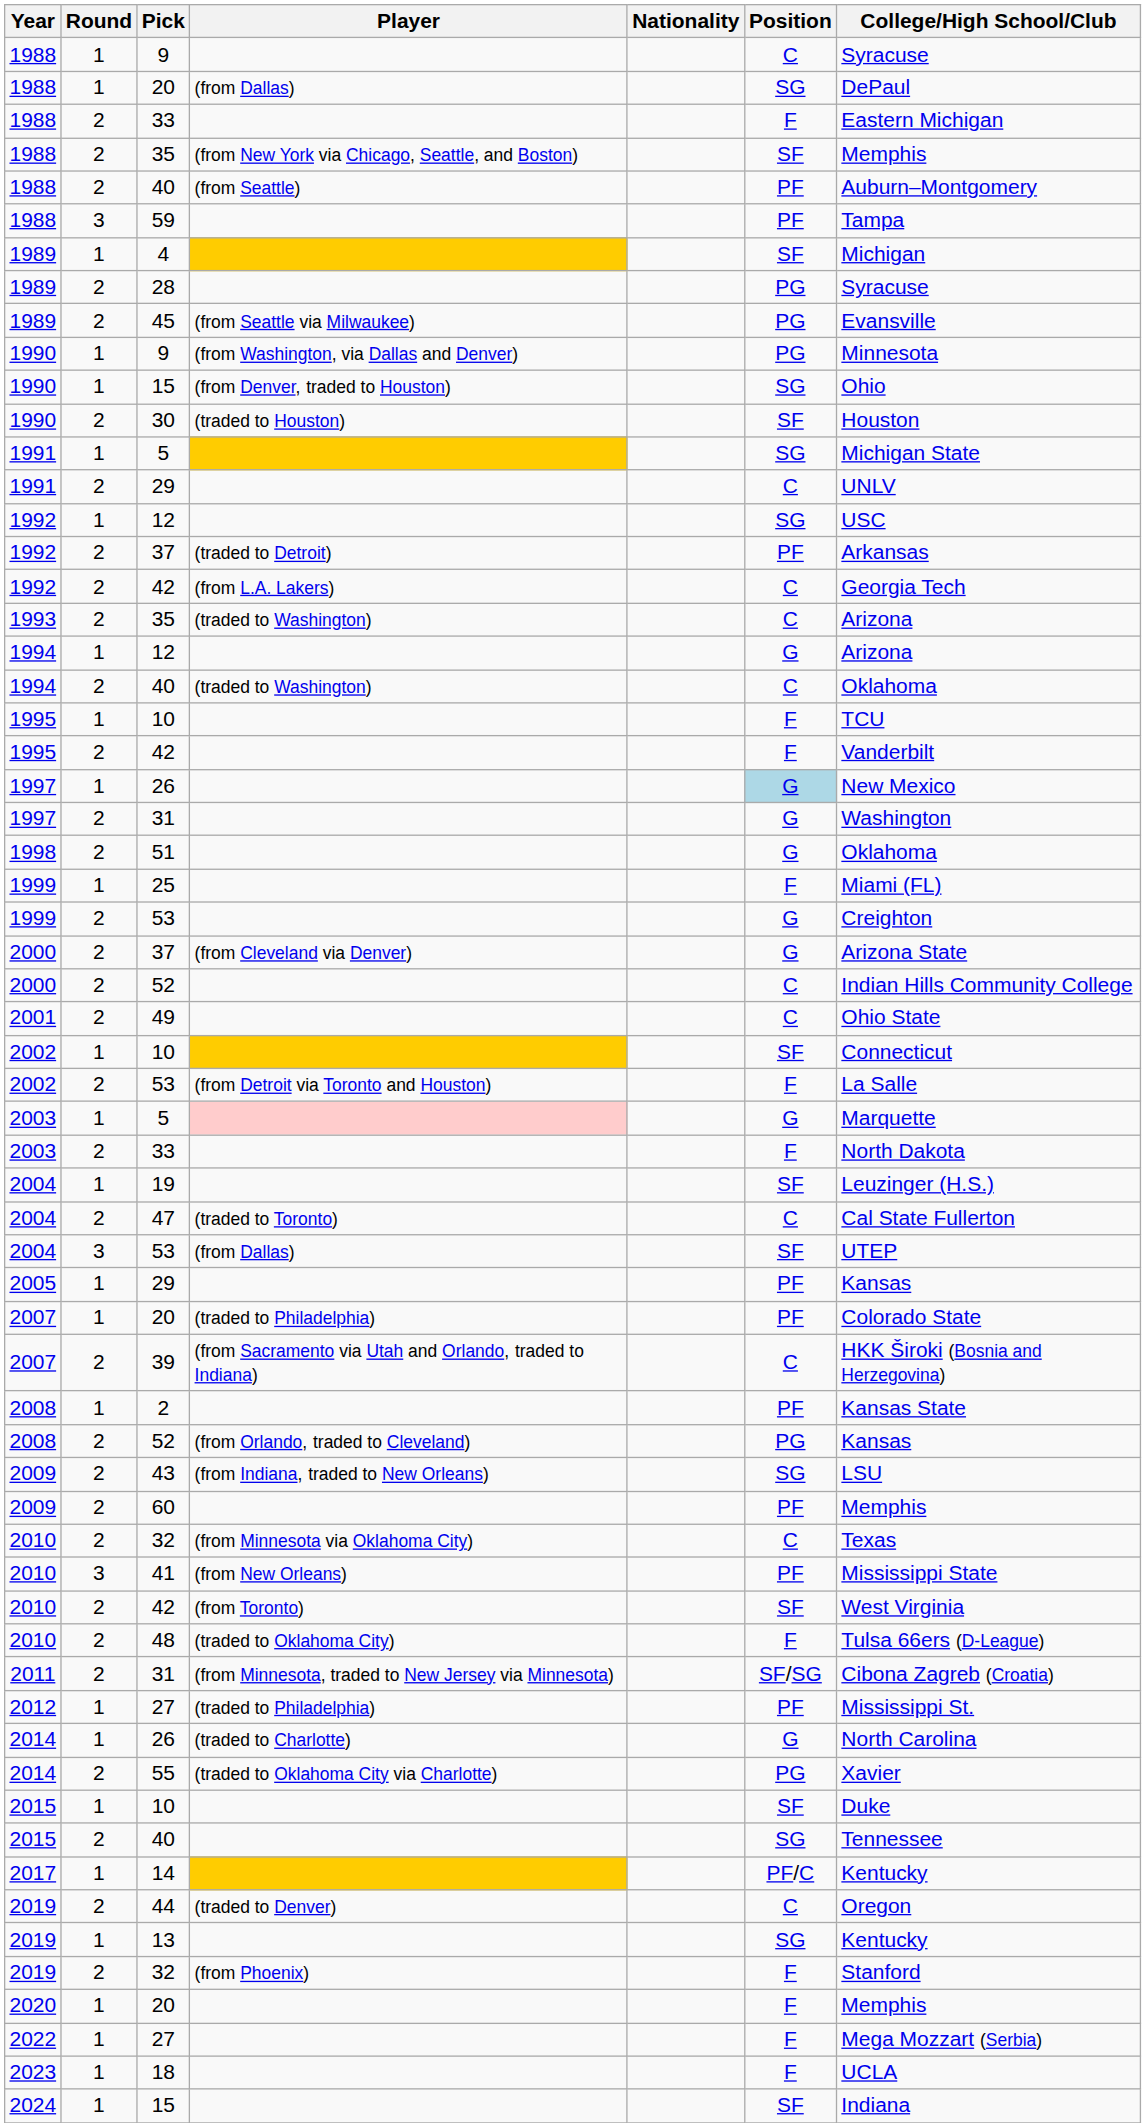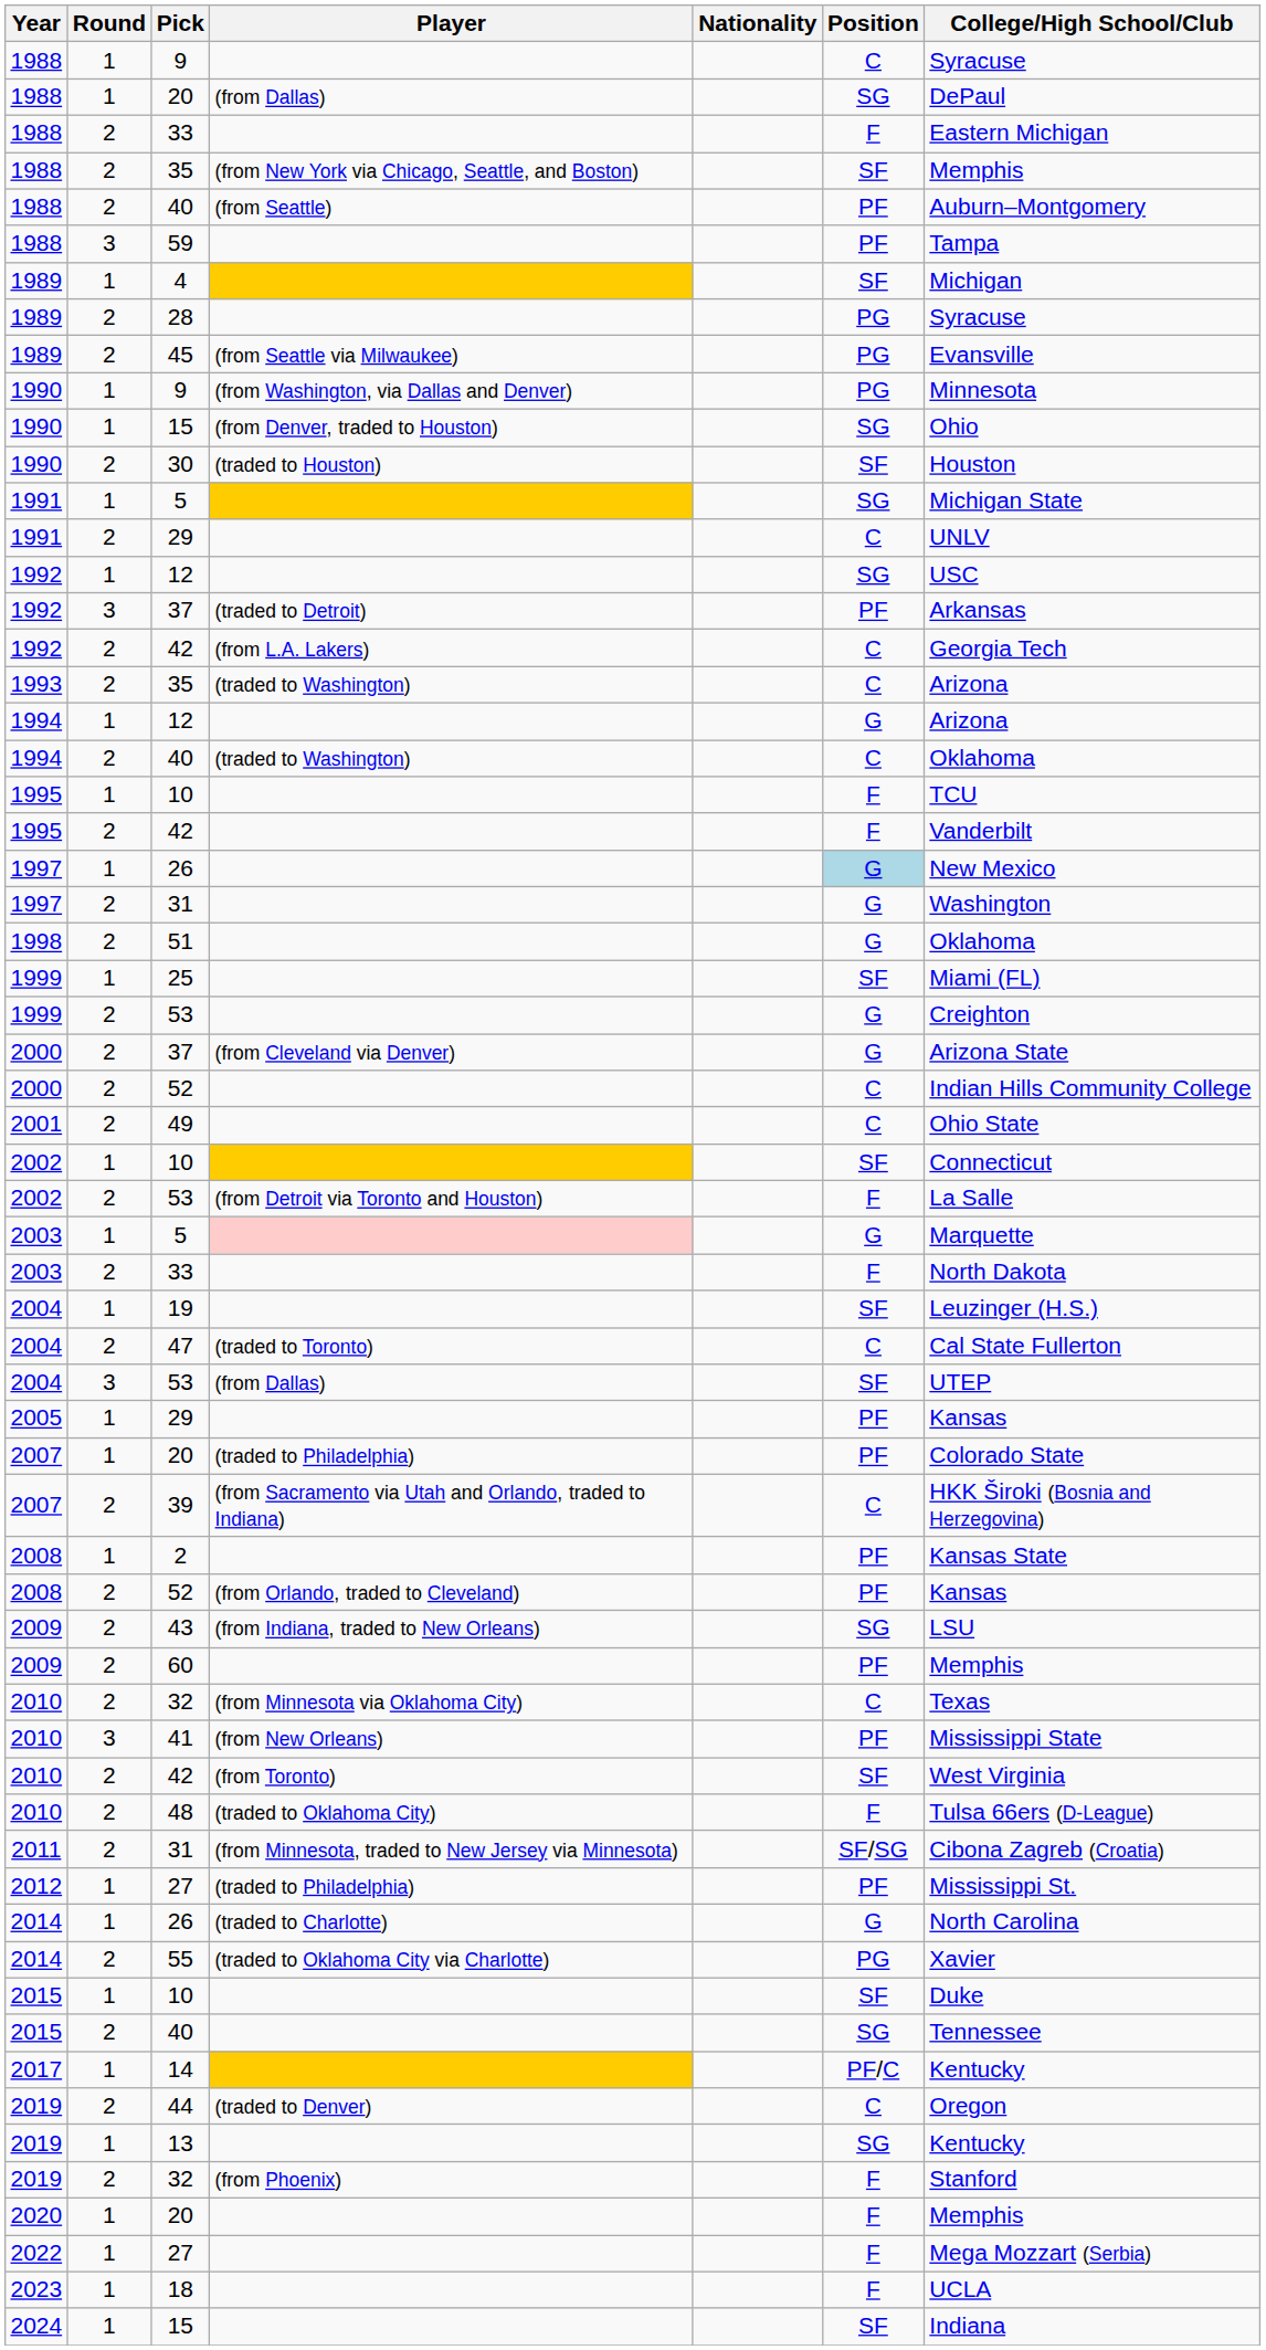 <table class="wikitable sortable">
 <tr>
 <th>Year</th>
 <th>Round</th>
 <th>Pick</th>
 <th>Player</th>
 <th>Nationality</th>
 <th>Position</th>
 <th>College/High School/Club</th>
 </tr>
 <tr>
 <td align=center><a href='#'>1988</a></td>
 <td align=center>1</td>
 <td align=center>9</td>
 <td></td>
 <td></td>
 <td align=center><a href='#'>C</a></td>
 <td><a href='#'>Syracuse</a></td>
 </tr>
 <tr>
 <td align=center><a href='#'>1988</a></td>
 <td align=center>1</td>
 <td align=center>20</td>
 <td> <small>(from <a href='#'>Dallas</a>)</small></td>
 <td></td>
 <td align=center><a href='#'>SG</a></td>
 <td><a href='#'>DePaul</a></td>
 </tr>
 <tr>
 <td align=center><a href='#'>1988</a></td>
 <td align=center>2</td>
 <td align=center>33</td>
 <td></td>
 <td></td>
 <td align=center><a href='#'>F</a></td>
 <td><a href='#'>Eastern Michigan</a></td>
 </tr>
 <tr>
 <td align=center><a href='#'>1988</a></td>
 <td align=center>2</td>
 <td align=center>35</td>
 <td> <small>(from <a href='#'>New York</a> via <a href='#'>Chicago</a>, <a href='#'>Seattle</a>, and <a href='#'>Boston</a>)</small></td>
 <td></td>
 <td align=center><a href='#'>SF</a></td>
 <td><a href='#'>Memphis</a></td>
 </tr>
 <tr>
 <td align=center><a href='#'>1988</a></td>
 <td align=center>2</td>
 <td align=center>40</td>
 <td> <small>(from <a href='#'>Seattle</a>)</small></td>
 <td></td>
 <td align=center><a href='#'>PF</a></td>
 <td><a href='#'>Auburn–Montgomery</a></td>
 </tr>
 <tr>
 <td align=center><a href='#'>1988</a></td>
 <td align=center>3</td>
 <td align=center>59</td>
 <td></td>
 <td></td>
 <td align=center><a href='#'>PF</a></td>
 <td><a href='#'>Tampa</a></td>
 </tr>
 <tr>
 <td align=center><a href='#'>1989</a></td>
 <td align=center>1</td>
 <td align=center>4</td>
 <td bgcolor="FFCC00"></td>
 <td></td>
 <td align=center><a href='#'>SF</a></td>
 <td><a href='#'>Michigan</a></td>
 </tr>
 <tr>
 <td align=center><a href='#'>1989</a></td>
 <td align=center>2</td>
 <td align=center>28</td>
 <td></td>
 <td></td>
 <td align=center><a href='#'>PG</a></td>
 <td><a href='#'>Syracuse</a></td>
 </tr>
 <tr>
 <td align=center><a href='#'>1989</a></td>
 <td align=center>2</td>
 <td align=center>45</td>
 <td> <small>(from <a href='#'>Seattle</a> via <a href='#'>Milwaukee</a>)</small></td>
 <td></td>
 <td align=center><a href='#'>PG</a></td>
 <td><a href='#'>Evansville</a></td>
 </tr>
 <tr>
 <td align=center><a href='#'>1990</a></td>
 <td align=center>1</td>
 <td align=center>9</td>
 <td> <small>(from <a href='#'>Washington</a>, via <a href='#'>Dallas</a> and <a href='#'>Denver</a>)</small></td>
 <td></td>
 <td align=center><a href='#'>PG</a></td>
 <td><a href='#'>Minnesota</a></td>
 </tr>
 <tr>
 <td align=center><a href='#'>1990</a></td>
 <td align=center>1</td>
 <td align=center>15</td>
 <td> <small>(from <a href='#'>Denver</a>,</small> <small>traded to <a href='#'>Houston</a>)</small></td>
 <td></td>
 <td align=center><a href='#'>SG</a></td>
 <td><a href='#'>Ohio</a></td>
 </tr>
 <tr>
 <td align=center><a href='#'>1990</a></td>
 <td align=center>2</td>
 <td align=center>30</td>
 <td> <small>(traded to <a href='#'>Houston</a>)</small></td>
 <td></td>
 <td align=center><a href='#'>SF</a></td>
 <td><a href='#'>Houston</a></td>
 </tr>
 <tr>
 <td align=center><a href='#'>1991</a></td>
 <td align=center>1</td>
 <td align=center>5</td>
 <td bgcolor="FFCC00"></td>
 <td></td>
 <td align=center><a href='#'>SG</a></td>
 <td><a href='#'>Michigan State</a></td>
 </tr>
 <tr>
 <td align=center><a href='#'>1991</a></td>
 <td align=center>2</td>
 <td align=center>29</td>
 <td></td>
 <td></td>
 <td align=center><a href='#'>C</a></td>
 <td><a href='#'>UNLV</a></td>
 </tr>
 <tr>
 <td align=center><a href='#'>1992</a></td>
 <td align=center>1</td>
 <td align=center>12</td>
 <td></td>
 <td></td>
 <td align=center><a href='#'>SG</a></td>
 <td><a href='#'>USC</a></td>
 </tr>
 <tr>
 <td align=center><a href='#'>1992</a></td>
-<td align=center>2</td>
+<td align=center>3</td>
 <td align=center>37</td>
 <td> <small>(traded to <a href='#'>Detroit</a>)</small></td>
 <td></td>
 <td align=center><a href='#'>PF</a></td>
 <td><a href='#'>Arkansas</a></td>
 </tr>
 <tr>
 <td align=center><a href='#'>1992</a></td>
 <td align=center>2</td>
 <td align=center>42</td>
 <td> <small>(from <a href='#'>L.A. Lakers</a>)</small></td>
 <td></td>
 <td align=center><a href='#'>C</a></td>
 <td><a href='#'>Georgia Tech</a></td>
 </tr>
 <tr>
 <td align=center><a href='#'>1993</a></td>
 <td align=center>2</td>
 <td align=center>35</td>
 <td> <small>(traded to <a href='#'>Washington</a>)</small></td>
 <td></td>
 <td align=center><a href='#'>C</a></td>
 <td><a href='#'>Arizona</a></td>
 </tr>
 <tr>
 <td align=center><a href='#'>1994</a></td>
 <td align=center>1</td>
 <td align=center>12</td>
 <td></td>
 <td></td>
 <td align=center><a href='#'>G</a></td>
 <td><a href='#'>Arizona</a></td>
 </tr>
 <tr>
 <td align=center><a href='#'>1994</a></td>
 <td align=center>2</td>
 <td align=center>40</td>
 <td> <small>(traded to <a href='#'>Washington</a>)</small></td>
 <td></td>
 <td align=center><a href='#'>C</a></td>
 <td><a href='#'>Oklahoma</a></td>
 </tr>
 <tr>
 <td align=center><a href='#'>1995</a></td>
 <td align=center>1</td>
 <td align=center>10</td>
 <td></td>
 <td></td>
 <td align=center><a href='#'>F</a></td>
 <td><a href='#'>TCU</a></td>
 </tr>
 <tr>
 <td align=center><a href='#'>1995</a></td>
 <td align=center>2</td>
 <td align=center>42</td>
 <td></td>
 <td></td>
 <td align=center><a href='#'>F</a></td>
 <td><a href='#'>Vanderbilt</a></td>
 </tr>
 <tr>
 <td align=center><a href='#'>1997</a></td>
 <td align=center>1</td>
 <td align=center>26</td>
 <td></td>
 <td></td>
 <td align=center style="background: lightblue;"><a href='#'>G</a></td>
 <td><a href='#'>New Mexico</a></td>
 </tr>
 <tr>
 <td align=center><a href='#'>1997</a></td>
 <td align=center>2</td>
 <td align=center>31</td>
 <td></td>
 <td></td>
 <td align=center><a href='#'>G</a></td>
 <td><a href='#'>Washington</a></td>
 </tr>
 <tr>
 <td align=center><a href='#'>1998</a></td>
 <td align=center>2</td>
 <td align=center>51</td>
 <td></td>
 <td></td>
 <td align=center><a href='#'>G</a></td>
 <td><a href='#'>Oklahoma</a></td>
 </tr>
 <tr>
 <td align=center><a href='#'>1999</a></td>
 <td align=center>1</td>
 <td align=center>25</td>
 <td></td>
 <td></td>
-<td align=center><a href='#'>F</a></td>
+<td align=center><a href='#'>SF</a></td>
 <td><a href='#'>Miami (FL)</a></td>
 </tr>
 <tr>
 <td align=center><a href='#'>1999</a></td>
 <td align=center>2</td>
 <td align=center>53</td>
 <td></td>
 <td></td>
 <td align=center><a href='#'>G</a></td>
 <td><a href='#'>Creighton</a></td>
 </tr>
 <tr>
 <td align=center><a href='#'>2000</a></td>
 <td align=center>2</td>
 <td align=center>37</td>
 <td> <small>(from <a href='#'>Cleveland</a> via <a href='#'>Denver</a>)</small></td>
 <td></td>
 <td align=center><a href='#'>G</a></td>
 <td><a href='#'>Arizona State</a></td>
 </tr>
 <tr>
 <td align=center><a href='#'>2000</a></td>
 <td align=center>2</td>
 <td align=center>52</td>
 <td></td>
 <td></td>
 <td align=center><a href='#'>C</a></td>
 <td><a href='#'>Indian Hills Community College</a></td>
 </tr>
 <tr>
 <td align=center><a href='#'>2001</a></td>
 <td align=center>2</td>
 <td align=center>49</td>
 <td></td>
 <td></td>
 <td align=center><a href='#'>C</a></td>
 <td><a href='#'>Ohio State</a></td>
 </tr>
 <tr>
 <td align=center><a href='#'>2002</a></td>
 <td align=center>1</td>
 <td align=center>10</td>
 <td bgcolor="FFCC00"></td>
 <td></td>
 <td align=center><a href='#'>SF</a></td>
 <td><a href='#'>Connecticut</a></td>
 </tr>
 <tr>
 <td align=center><a href='#'>2002</a></td>
 <td align=center>2</td>
 <td align=center>53</td>
 <td> <small>(from <a href='#'>Detroit</a> via <a href='#'>Toronto</a> and <a href='#'>Houston</a>)</small></td>
 <td></td>
 <td align=center><a href='#'>F</a></td>
 <td><a href='#'>La Salle</a></td>
 </tr>
 <tr>
 <td align=center><a href='#'>2003</a></td>
 <td align=center>1</td>
 <td align=center>5</td>
 <td bgcolor="FFCCCC"></td>
 <td></td>
 <td align=center><a href='#'>G</a></td>
 <td><a href='#'>Marquette</a></td>
 </tr>
 <tr>
 <td align=center><a href='#'>2003</a></td>
 <td align=center>2</td>
 <td align=center>33</td>
 <td></td>
 <td></td>
 <td align=center><a href='#'>F</a></td>
 <td><a href='#'>North Dakota</a></td>
 </tr>
 <tr>
 <td align=center><a href='#'>2004</a></td>
 <td align=center>1</td>
 <td align=center>19</td>
 <td></td>
 <td></td>
 <td align=center><a href='#'>SF</a></td>
 <td><a href='#'>Leuzinger (H.S.)</a></td>
 </tr>
 <tr>
 <td align=center><a href='#'>2004</a></td>
 <td align=center>2</td>
 <td align=center>47</td>
 <td> <small>(traded to <a href='#'>Toronto</a>)</small></td>
 <td></td>
 <td align=center><a href='#'>C</a></td>
 <td><a href='#'>Cal State Fullerton</a></td>
 </tr>
 <tr>
 <td align=center><a href='#'>2004</a></td>
 <td align=center>3</td>
 <td align=center>53</td>
 <td> <small>(from <a href='#'>Dallas</a>)</small></td>
 <td></td>
 <td align=center><a href='#'>SF</a></td>
 <td><a href='#'>UTEP</a></td>
 </tr>
 <tr>
 <td align=center><a href='#'>2005</a></td>
 <td align=center>1</td>
 <td align=center>29</td>
 <td></td>
 <td></td>
 <td align=center><a href='#'>PF</a></td>
 <td><a href='#'>Kansas</a></td>
 </tr>
 <tr>
 <td align=center><a href='#'>2007</a></td>
 <td align=center>1</td>
 <td align=center>20</td>
 <td> <small>(traded to <a href='#'>Philadelphia</a>)</small></td>
 <td></td>
 <td align=center><a href='#'>PF</a></td>
 <td><a href='#'>Colorado State</a></td>
 </tr>
 <tr>
 <td align=center><a href='#'>2007</a></td>
 <td align=center>2</td>
 <td align=center>39</td>
 <td> <small>(from <a href='#'>Sacramento</a> via <a href='#'>Utah</a> and <a href='#'>Orlando</a>,</small> <small>traded to <a href='#'>Indiana</a>)</small></td>
 <td></td>
 <td align=center><a href='#'>C</a></td>
 <td><a href='#'>HKK Široki</a> <small>(<a href='#'>Bosnia and Herzegovina</a>)</small></td>
 </tr>
 <tr>
 <td align=center><a href='#'>2008</a></td>
 <td align=center>1</td>
 <td align=center>2</td>
 <td></td>
 <td></td>
 <td align=center><a href='#'>PF</a></td>
 <td><a href='#'>Kansas State</a></td>
 </tr>
 <tr>
 <td align=center><a href='#'>2008</a></td>
 <td align=center>2</td>
 <td align=center>52</td>
 <td> <small>(from <a href='#'>Orlando</a>,</small> <small>traded to <a href='#'>Cleveland</a>)</small></td>
 <td></td>
-<td align=center><a href='#'>PG</a></td>
+<td align=center><a href='#'>PF</a></td>
 <td><a href='#'>Kansas</a></td>
 </tr>
 <tr>
 <td align=center><a href='#'>2009</a></td>
 <td align=center>2</td>
 <td align=center>43</td>
 <td> <small>(from <a href='#'>Indiana</a>,</small> <small>traded to <a href='#'>New Orleans</a>)</small></td>
 <td></td>
 <td align=center><a href='#'>SG</a></td>
 <td><a href='#'>LSU</a></td>
 </tr>
 <tr>
 <td align=center><a href='#'>2009</a></td>
 <td align=center>2</td>
 <td align=center>60</td>
 <td></td>
 <td></td>
 <td align=center><a href='#'>PF</a></td>
 <td><a href='#'>Memphis</a></td>
 </tr>
 <tr>
 <td align=center><a href='#'>2010</a></td>
 <td align=center>2</td>
 <td align=center>32</td>
 <td> <small>(from <a href='#'>Minnesota</a> via <a href='#'>Oklahoma City</a>)</small></td>
 <td></td>
 <td align=center><a href='#'>C</a></td>
 <td><a href='#'>Texas</a></td>
 </tr>
 <tr>
 <td align=center><a href='#'>2010</a></td>
 <td align=center>3</td>
 <td align=center>41</td>
 <td> <small>(from <a href='#'>New Orleans</a>)</small></td>
 <td></td>
 <td align=center><a href='#'>PF</a></td>
 <td><a href='#'>Mississippi State</a></td>
 </tr>
 <tr>
 <td align=center><a href='#'>2010</a></td>
 <td align=center>2</td>
 <td align=center>42</td>
 <td> <small>(from <a href='#'>Toronto</a>)</small></td>
 <td></td>
 <td align=center><a href='#'>SF</a></td>
 <td><a href='#'>West Virginia</a></td>
 </tr>
 <tr>
 <td align=center><a href='#'>2010</a></td>
 <td align=center>2</td>
 <td align=center>48</td>
 <td> <small>(traded to <a href='#'>Oklahoma City</a>)</small></td>
 <td></td>
 <td align=center><a href='#'>F</a></td>
 <td><a href='#'>Tulsa 66ers</a> <small>(<a href='#'>D-League</a>)</small></td>
 </tr>
 <tr>
 <td align=center><a href='#'>2011</a></td>
 <td align=center>2</td>
 <td align=center>31</td>
 <td> <small>(from <a href='#'>Minnesota</a>, traded to <a href='#'>New Jersey</a> via <a href='#'>Minnesota</a>)</small></td>
 <td></td>
 <td align=center><a href='#'>SF</a>/<a href='#'>SG</a></td>
 <td><a href='#'>Cibona Zagreb</a> <small>(<a href='#'>Croatia</a>)</small></td>
 </tr>
 <tr>
 <td align=center><a href='#'>2012</a></td>
 <td align=center>1</td>
 <td align=center>27</td>
 <td> <small>(traded to <a href='#'>Philadelphia</a>)</small></td>
 <td></td>
 <td align=center><a href='#'>PF</a></td>
 <td><a href='#'>Mississippi St.</a></td>
 </tr>
 <tr>
 <td align=center><a href='#'>2014</a></td>
 <td align=center>1</td>
 <td align=center>26</td>
 <td> <small>(traded to <a href='#'>Charlotte</a>)</small></td>
 <td></td>
 <td align=center><a href='#'>G</a></td>
 <td><a href='#'>North Carolina</a></td>
 </tr>
 <tr>
 <td align=center><a href='#'>2014</a></td>
 <td align=center>2</td>
 <td align=center>55</td>
 <td> <small>(traded to <a href='#'>Oklahoma City</a> via <a href='#'>Charlotte</a>)</small></td>
 <td></td>
 <td align=center><a href='#'>PG</a></td>
 <td><a href='#'>Xavier</a></td>
 </tr>
 <tr>
 <td align=center><a href='#'>2015</a></td>
 <td align=center>1</td>
 <td align=center>10</td>
 <td></td>
 <td></td>
 <td align=center><a href='#'>SF</a></td>
 <td><a href='#'>Duke</a></td>
 </tr>
 <tr>
 <td align=center><a href='#'>2015</a></td>
 <td align=center>2</td>
 <td align=center>40</td>
 <td></td>
 <td></td>
 <td align=center><a href='#'>SG</a></td>
 <td><a href='#'>Tennessee</a></td>
 </tr>
 <tr>
 <td align=center><a href='#'>2017</a></td>
 <td align=center>1</td>
 <td align=center>14</td>
 <td bgcolor="FFCC00"></td>
 <td></td>
 <td align=center><a href='#'>PF</a>/<a href='#'>C</a></td>
 <td><a href='#'>Kentucky</a></td>
 </tr>
 <tr>
 <td align=center><a href='#'>2019</a></td>
 <td align=center>2</td>
 <td align=center>44</td>
 <td> <small>(traded to <a href='#'>Denver</a>)</small></td>
 <td></td>
 <td align=center><a href='#'>C</a></td>
 <td><a href='#'>Oregon</a></td>
 </tr>
 <tr>
 <td align=center><a href='#'>2019</a></td>
 <td align=center>1</td>
 <td align=center>13</td>
 <td></td>
 <td></td>
 <td align=center><a href='#'>SG</a></td>
 <td><a href='#'>Kentucky</a></td>
 </tr>
 <tr>
 <td align=center><a href='#'>2019</a></td>
 <td align=center>2</td>
 <td align=center>32</td>
 <td> <small>(from <a href='#'>Phoenix</a>)</small></td>
 <td></td>
 <td align=center><a href='#'>F</a></td>
 <td><a href='#'>Stanford</a></td>
 </tr>
 <tr>
 <td align=center><a href='#'>2020</a></td>
 <td align=center>1</td>
 <td align=center>20</td>
 <td></td>
 <td></td>
 <td align=center><a href='#'>F</a></td>
 <td><a href='#'>Memphis</a></td>
 </tr>
 <tr>
 <td align=center><a href='#'>2022</a></td>
 <td align=center>1</td>
 <td align=center>27</td>
 <td></td>
 <td></td>
 <td align=center><a href='#'>F</a></td>
 <td><a href='#'>Mega Mozzart</a> <small>(<a href='#'>Serbia</a>)</small></td>
 </tr>
 <tr>
 <td align=center><a href='#'>2023</a></td>
 <td align=center>1</td>
 <td align=center>18</td>
 <td></td>
 <td></td>
 <td align=center><a href='#'>F</a></td>
 <td><a href='#'>UCLA</a></td>
 </tr>
 <tr>
 <td align=center><a href='#'>2024</a></td>
 <td align=center>1</td>
 <td align=center>15</td>
 <td></td>
 <td></td>
 <td align=center><a href='#'>SF</a></td>
 <td><a href='#'>Indiana</a></td>
 </tr>
 </table>
